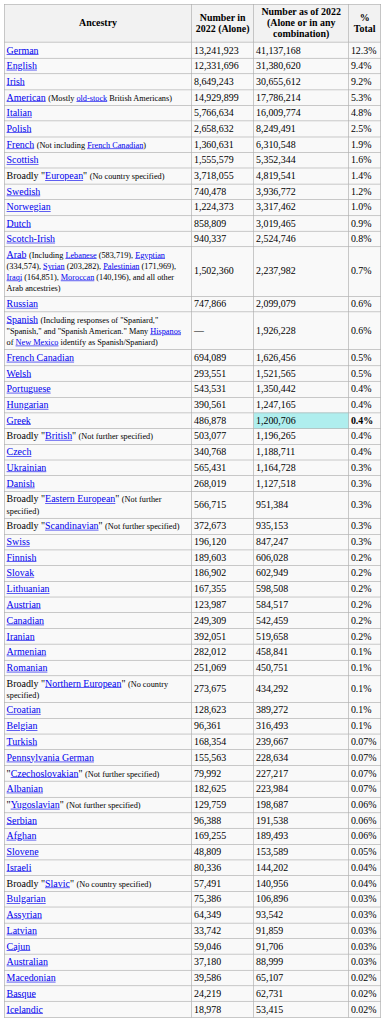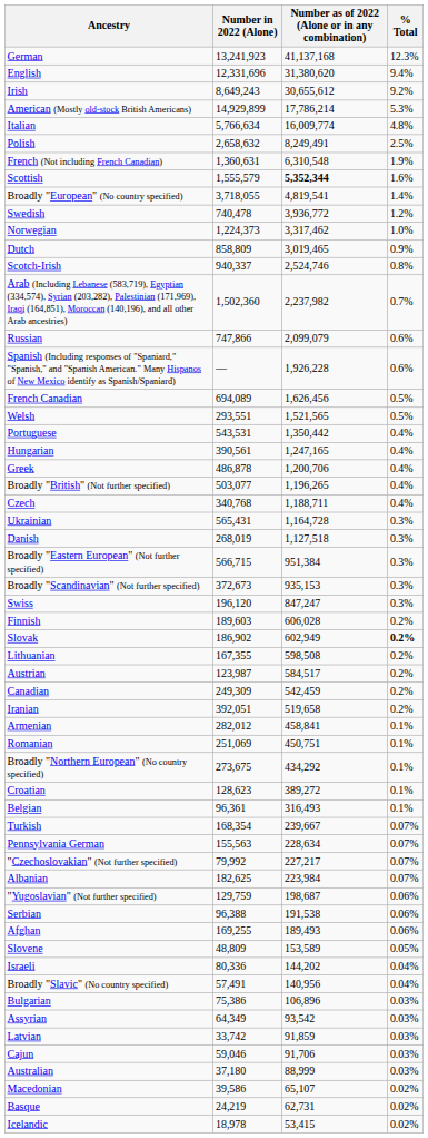 <table class="wikitable sortable">
 <tr>
 <th>Ancestry</th>
 <th>Number in 2022 (Alone)</th>
 <th>Number as of 2022 (Alone or in any combination)</th>
 <th>% Total</th>
 </tr>
 <tr>
 <td><a href='#'>German</a></td>
 <td>13,241,923</td>
 <td>41,137,168</td>
 <td>12.3%</td>
 </tr>
 <tr>
 <td><a href='#'>English</a></td>
 <td>12,331,696</td>
 <td>31,380,620</td>
 <td>9.4%</td>
 </tr>
 <tr>
 <td><a href='#'>Irish</a></td>
 <td>8,649,243</td>
 <td>30,655,612</td>
 <td>9.2%</td>
 </tr>
 <tr>
 <td><a href='#'>American</a> <small>(Mostly <a href='#'>old-stock</a> British Americans)</small></td>
 <td>14,929,899</td>
 <td>17,786,214</td>
 <td>5.3%</td>
 </tr>
 <tr>
 <td><a href='#'>Italian</a></td>
 <td>5,766,634</td>
 <td>16,009,774</td>
 <td>4.8%</td>
 </tr>
 <tr>
 <td><a href='#'>Polish</a></td>
 <td>2,658,632</td>
 <td>8,249,491</td>
 <td>2.5%</td>
 </tr>
 <tr>
 <td><a href='#'>French</a> <small>(Not including <a href='#'>French Canadian</a>)</small></td>
 <td>1,360,631</td>
 <td>6,310,548</td>
 <td>1.9%</td>
 </tr>
 <tr>
 <td><a href='#'>Scottish</a></td>
 <td>1,555,579</td>
-<td>5,352,344</td>
+<td><strong>5,352,344</strong></td>
 <td>1.6%</td>
 </tr>
 <tr>
 <td>Broadly "<a href='#'>European</a>" <small>(No country specified)</small></td>
 <td>3,718,055</td>
 <td>4,819,541</td>
 <td>1.4%</td>
 </tr>
 <tr>
 <td><a href='#'>Swedish</a></td>
 <td>740,478</td>
 <td>3,936,772</td>
 <td>1.2%</td>
 </tr>
 <tr>
 <td><a href='#'>Norwegian</a></td>
 <td>1,224,373</td>
 <td>3,317,462</td>
 <td>1.0%</td>
 </tr>
 <tr>
 <td><a href='#'>Dutch</a></td>
 <td>858,809</td>
 <td>3,019,465</td>
 <td>0.9%</td>
 </tr>
 <tr>
 <td><a href='#'>Scotch-Irish</a></td>
 <td>940,337</td>
 <td>2,524,746</td>
 <td>0.8%</td>
 </tr>
 <tr>
 <td><a href='#'>Arab</a> <small>(Including <a href='#'>Lebanese</a> (583,719), <a href='#'>Egyptian</a> (334,574), <a href='#'>Syrian</a> (203,282), <a href='#'>Palestinian</a> (171,969), <a href='#'>Iraqi</a> (164,851), <a href='#'>Moroccan</a> (140,196), and all other Arab ancestries)</small></td>
 <td>1,502,360</td>
 <td>2,237,982</td>
 <td>0.7%</td>
 </tr>
 <tr>
 <td><a href='#'>Russian</a></td>
 <td>747,866</td>
 <td>2,099,079</td>
 <td>0.6%</td>
 </tr>
 <tr>
 <td><a href='#'>Spanish</a> <small>(Including responses of "Spaniard," "Spanish," and "Spanish American." Many <a href='#'>Hispanos</a> of <a href='#'>New Mexico</a> identify as Spanish/Spaniard)</small></td>
 <td>—</td>
 <td>1,926,228</td>
 <td>0.6%</td>
 </tr>
 <tr>
 <td><a href='#'>French Canadian</a></td>
 <td>694,089</td>
 <td>1,626,456</td>
 <td>0.5%</td>
 </tr>
 <tr>
 <td><a href='#'>Welsh</a></td>
 <td>293,551</td>
 <td>1,521,565</td>
 <td>0.5%</td>
 </tr>
 <tr>
 <td><a href='#'>Portuguese</a></td>
 <td>543,531</td>
 <td>1,350,442</td>
 <td>0.4%</td>
 </tr>
 <tr>
 <td><a href='#'>Hungarian</a></td>
 <td>390,561</td>
 <td>1,247,165</td>
 <td>0.4%</td>
 </tr>
 <tr>
 <td><a href='#'>Greek</a></td>
 <td>486,878</td>
-<td style="background: paleturquoise;">1,200,706</td>
-<td><strong>0.4%</strong></td>
+<td>1,200,706</td>
+<td>0.4%</td>
 </tr>
 <tr>
 <td>Broadly "<a href='#'>British</a>" <small>(Not further specified)</small></td>
 <td>503,077</td>
 <td>1,196,265</td>
 <td>0.4%</td>
 </tr>
 <tr>
 <td><a href='#'>Czech</a></td>
 <td>340,768</td>
 <td>1,188,711</td>
 <td>0.4%</td>
 </tr>
 <tr>
 <td><a href='#'>Ukrainian</a></td>
 <td>565,431</td>
 <td>1,164,728</td>
 <td>0.3%</td>
 </tr>
 <tr>
 <td><a href='#'>Danish</a></td>
 <td>268,019</td>
 <td>1,127,518</td>
 <td>0.3%</td>
 </tr>
 <tr>
 <td>Broadly "<a href='#'>Eastern European</a>" <small>(Not further specified)</small></td>
 <td>566,715</td>
 <td>951,384</td>
 <td>0.3%</td>
 </tr>
 <tr>
 <td>Broadly "<a href='#'>Scandinavian</a>" <small>(Not further specified)</small></td>
 <td>372,673</td>
 <td>935,153</td>
 <td>0.3%</td>
 </tr>
 <tr>
 <td><a href='#'>Swiss</a></td>
 <td>196,120</td>
 <td>847,247</td>
 <td>0.3%</td>
 </tr>
 <tr>
 <td><a href='#'>Finnish</a></td>
 <td>189,603</td>
 <td>606,028</td>
 <td>0.2%</td>
 </tr>
 <tr>
 <td><a href='#'>Slovak</a></td>
 <td>186,902</td>
 <td>602,949</td>
-<td>0.2%</td>
+<td><strong>0.2%</strong></td>
 </tr>
 <tr>
 <td><a href='#'>Lithuanian</a></td>
 <td>167,355</td>
 <td>598,508</td>
 <td>0.2%</td>
 </tr>
 <tr>
 <td><a href='#'>Austrian</a></td>
 <td>123,987</td>
 <td>584,517</td>
 <td>0.2%</td>
 </tr>
 <tr>
 <td><a href='#'>Canadian</a></td>
 <td>249,309</td>
 <td>542,459</td>
 <td>0.2%</td>
 </tr>
 <tr>
 <td><a href='#'>Iranian</a></td>
 <td>392,051</td>
 <td>519,658</td>
 <td>0.2%</td>
 </tr>
 <tr>
 <td><a href='#'>Armenian</a></td>
 <td>282,012</td>
 <td>458,841</td>
 <td>0.1%</td>
 </tr>
 <tr>
 <td><a href='#'>Romanian</a></td>
 <td>251,069</td>
 <td>450,751</td>
 <td>0.1%</td>
 </tr>
 <tr>
 <td>Broadly "<a href='#'>Northern European</a>" <small>(No country specified)</small></td>
 <td>273,675</td>
 <td>434,292</td>
 <td>0.1%</td>
 </tr>
 <tr>
 <td><a href='#'>Croatian</a></td>
 <td>128,623</td>
 <td>389,272</td>
 <td>0.1%</td>
 </tr>
 <tr>
 <td><a href='#'>Belgian</a></td>
 <td>96,361</td>
 <td>316,493</td>
 <td>0.1%</td>
 </tr>
 <tr>
 <td><a href='#'>Turkish</a></td>
 <td>168,354</td>
 <td>239,667</td>
 <td>0.07%</td>
 </tr>
 <tr>
 <td><a href='#'>Pennsylvania German</a></td>
 <td>155,563</td>
 <td>228,634</td>
 <td>0.07%</td>
 </tr>
 <tr>
 <td>"<a href='#'>Czechoslovakian</a>" <small>(Not further specified)</small></td>
 <td>79,992</td>
 <td>227,217</td>
 <td>0.07%</td>
 </tr>
 <tr>
 <td><a href='#'>Albanian</a></td>
 <td>182,625</td>
 <td>223,984</td>
 <td>0.07%</td>
 </tr>
 <tr>
 <td>"<a href='#'>Yugoslavian</a>" <small>(Not further specified)</small></td>
 <td>129,759</td>
 <td>198,687</td>
 <td>0.06%</td>
 </tr>
 <tr>
 <td><a href='#'>Serbian</a></td>
 <td>96,388</td>
 <td>191,538</td>
 <td>0.06%</td>
 </tr>
 <tr>
 <td><a href='#'>Afghan</a></td>
 <td>169,255</td>
 <td>189,493</td>
 <td>0.06%</td>
 </tr>
 <tr>
 <td><a href='#'>Slovene</a></td>
 <td>48,809</td>
 <td>153,589</td>
 <td>0.05%</td>
 </tr>
 <tr>
 <td><a href='#'>Israeli</a></td>
 <td>80,336</td>
 <td>144,202</td>
 <td>0.04%</td>
 </tr>
 <tr>
 <td>Broadly "<a href='#'>Slavic</a>" <small>(No country specified)</small></td>
 <td>57,491</td>
 <td>140,956</td>
 <td>0.04%</td>
 </tr>
 <tr>
 <td><a href='#'>Bulgarian</a></td>
 <td>75,386</td>
 <td>106,896</td>
 <td>0.03%</td>
 </tr>
 <tr>
 <td><a href='#'>Assyrian</a></td>
 <td>64,349</td>
 <td>93,542</td>
 <td>0.03%</td>
 </tr>
 <tr>
 <td><a href='#'>Latvian</a></td>
 <td>33,742</td>
 <td>91,859</td>
 <td>0.03%</td>
 </tr>
 <tr>
 <td><a href='#'>Cajun</a></td>
 <td>59,046</td>
 <td>91,706</td>
 <td>0.03%</td>
 </tr>
 <tr>
 <td><a href='#'>Australian</a></td>
 <td>37,180</td>
 <td>88,999</td>
 <td>0.03%</td>
 </tr>
 <tr>
 <td><a href='#'>Macedonian</a></td>
 <td>39,586</td>
 <td>65,107</td>
 <td>0.02%</td>
 </tr>
 <tr>
 <td><a href='#'>Basque</a></td>
 <td>24,219</td>
 <td>62,731</td>
 <td>0.02%</td>
 </tr>
 <tr>
 <td><a href='#'>Icelandic</a></td>
 <td>18,978</td>
 <td>53,415</td>
 <td>0.02%</td>
 </tr>
 </table>
